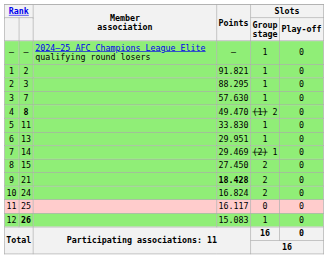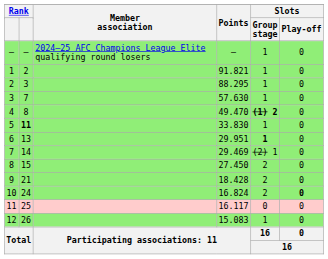 <table class="wikitable" style="text-align:center">
 <tr>
 </tr>
 <tr>
 <th colspan=2 rowspan=2><a href='#'>Rank</a></th>
 <th rowspan=3 width=280>Member<br>association</th>
 <th rowspan=3>Points</th>
 <th colspan=3>Slots</th>
 </tr>
 <tr>
 <th rowspan=2>Group<br>stage</th>
 <th rowspan=2>Play-off</th>
 </tr>
 <tr>
 <th></th>
 <th></th>
 </tr>
 <tr bgcolor=#90ee77>
 <td>—</td>
 <td>—</td>
 <td align=left><a href='#'>2024–25 AFC Champions League Elite</a> qualifying round losers</td>
 <td>—</td>
 <td>1</td>
 <td>0</td>
 </tr>
 <tr bgcolor=#90ee77>
 <td>1</td>
 <td>2</td>
 <td align=left></td>
 <td>91.821</td>
 <td>1</td>
 <td>0</td>
 </tr>
 <tr bgcolor=#90ee77>
 <td>2</td>
 <td>3</td>
 <td align=left></td>
 <td>88.295</td>
 <td>1</td>
 <td>0</td>
 </tr>
 <tr bgcolor=#90ee77>
 <td>3</td>
 <td>7</td>
 <td align=left></td>
 <td>57.630</td>
 <td>1</td>
 <td>0</td>
 </tr>
 <tr bgcolor=#90ee77>
 <td>4</td>
-<td><strong>8</strong></td>
+<td>8</td>
 <td align=left></td>
 <td>49.470</td>
-<td><s>(1)</s> 2</td>
+<td><strong><s>(1)</s> 2</strong></td>
 <td>0</td>
 </tr>
 <tr bgcolor=#90ee77>
 <td>5</td>
-<td>11</td>
+<td><strong>11</strong></td>
 <td align=left></td>
 <td>33.830</td>
 <td>1</td>
 <td>0</td>
 </tr>
 <tr bgcolor=#90ee77>
 <td>6</td>
 <td>13</td>
 <td align=left></td>
 <td>29.951</td>
-<td>1</td>
+<td><strong>1</strong></td>
 <td>0</td>
 </tr>
 <tr bgcolor=#90ee77>
 <td>7</td>
 <td>14</td>
 <td align=left></td>
 <td>29.469</td>
 <td><s>(2)</s> 1</td>
 <td>0</td>
 </tr>
 <tr bgcolor=#90ee77>
 <td>8</td>
 <td>15</td>
 <td align=left></td>
 <td>27.450</td>
 <td>2</td>
 <td>0</td>
 </tr>
 <tr bgcolor=#90ee77>
 <td>9</td>
 <td>21</td>
 <td align=left></td>
-<td><strong>18.428</strong></td>
+<td>18.428</td>
 <td>2</td>
 <td>0</td>
 </tr>
 <tr bgcolor=#90ee77>
 <td>10</td>
 <td>24</td>
 <td align=left></td>
 <td>16.824</td>
 <td>2</td>
-<td>0</td>
+<td><strong>0</strong></td>
 </tr>
 <tr bgcolor=#ffcccc>
 <td>11</td>
 <td>25</td>
 <td align=left></td>
 <td>16.117</td>
 <td>0</td>
 <td>0</td>
 </tr>
 <tr bgcolor=#90ee77>
 <td>12</td>
-<td><strong>26</strong></td>
+<td>26</td>
 <td align=left></td>
 <td>15.083</td>
 <td>1</td>
 <td>0</td>
 </tr>
 <tr>
 <th colspan=2 rowspan=2>Total</th>
 <th colspan=2 rowspan=2>Participating associations: 11</th>
 <th>16</th>
 <th>0</th>
 </tr>
 <tr>
 <th colspan=2>16</th>
 </tr>
 </table>
